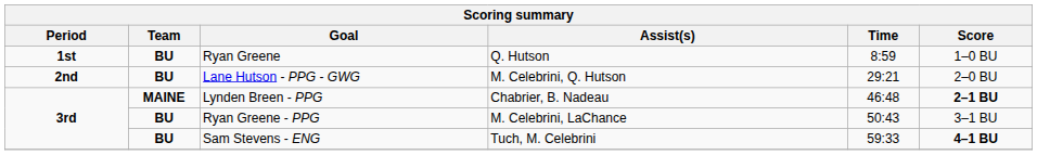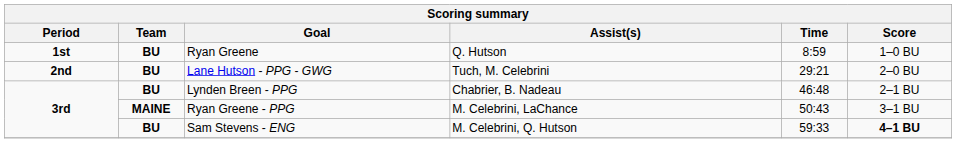 <table style="width:100%;" class="wikitable">
 <tr>
 <th colspan=6>Scoring summary</th>
 </tr>
 <tr>
 <th style="width:12%;">Period</th>
 <th style="width:7%;">Team</th>
 <th style="width:28%;">Goal</th>
 <th style="width:35%;">Assist(s)</th>
 <th style="width:7%;">Time</th>
 <th style="width:11%;">Score</th>
 </tr>
 <tr>
 <td style="text-align:center;" rowspan="1"><strong>1st</strong></td>
 <td align=center><strong>BU</strong></td>
 <td>Ryan Greene</td>
 <td>Q. Hutson</td>
 <td align=center>8:59</td>
 <td align=center>1–0 BU</td>
 </tr>
 <tr>
 <td style="text-align:center;" rowspan="1"><strong>2nd</strong></td>
 <td align=center><strong>BU</strong></td>
 <td><a href='#'>Lane Hutson</a> - <em>PPG</em> - <em>GWG</em></td>
-<td>M. Celebrini, Q. Hutson</td>
+<td>Tuch, M. Celebrini</td>
 <td align=center>29:21</td>
 <td align=center>2–0 BU</td>
 </tr>
 <tr>
 <td style="text-align:center;" rowspan="3"><strong>3rd</strong></td>
-<td align=center><strong>MAINE</strong></td>
+<td align=center><strong>BU</strong></td>
 <td>Lynden Breen - <em>PPG</em></td>
 <td>Chabrier, B. Nadeau</td>
 <td align=center>46:48</td>
-<td align=center><strong>2–1 BU</strong></td>
+<td align=center>2–1 BU</td>
 </tr>
 <tr>
-<td align=center><strong>BU</strong></td>
+<td align=center><strong>MAINE</strong></td>
 <td>Ryan Greene - <em>PPG</em></td>
 <td>M. Celebrini, LaChance</td>
 <td align=center>50:43</td>
 <td align=center>3–1 BU</td>
 </tr>
 <tr>
 <td align=center><strong>BU</strong></td>
 <td>Sam Stevens - <em>ENG</em></td>
-<td>Tuch, M. Celebrini</td>
+<td>M. Celebrini, Q. Hutson</td>
 <td align=center>59:33</td>
 <td align=center><strong>4–1 BU</strong></td>
 </tr>
 <tr>
 </tr>
 </table>
